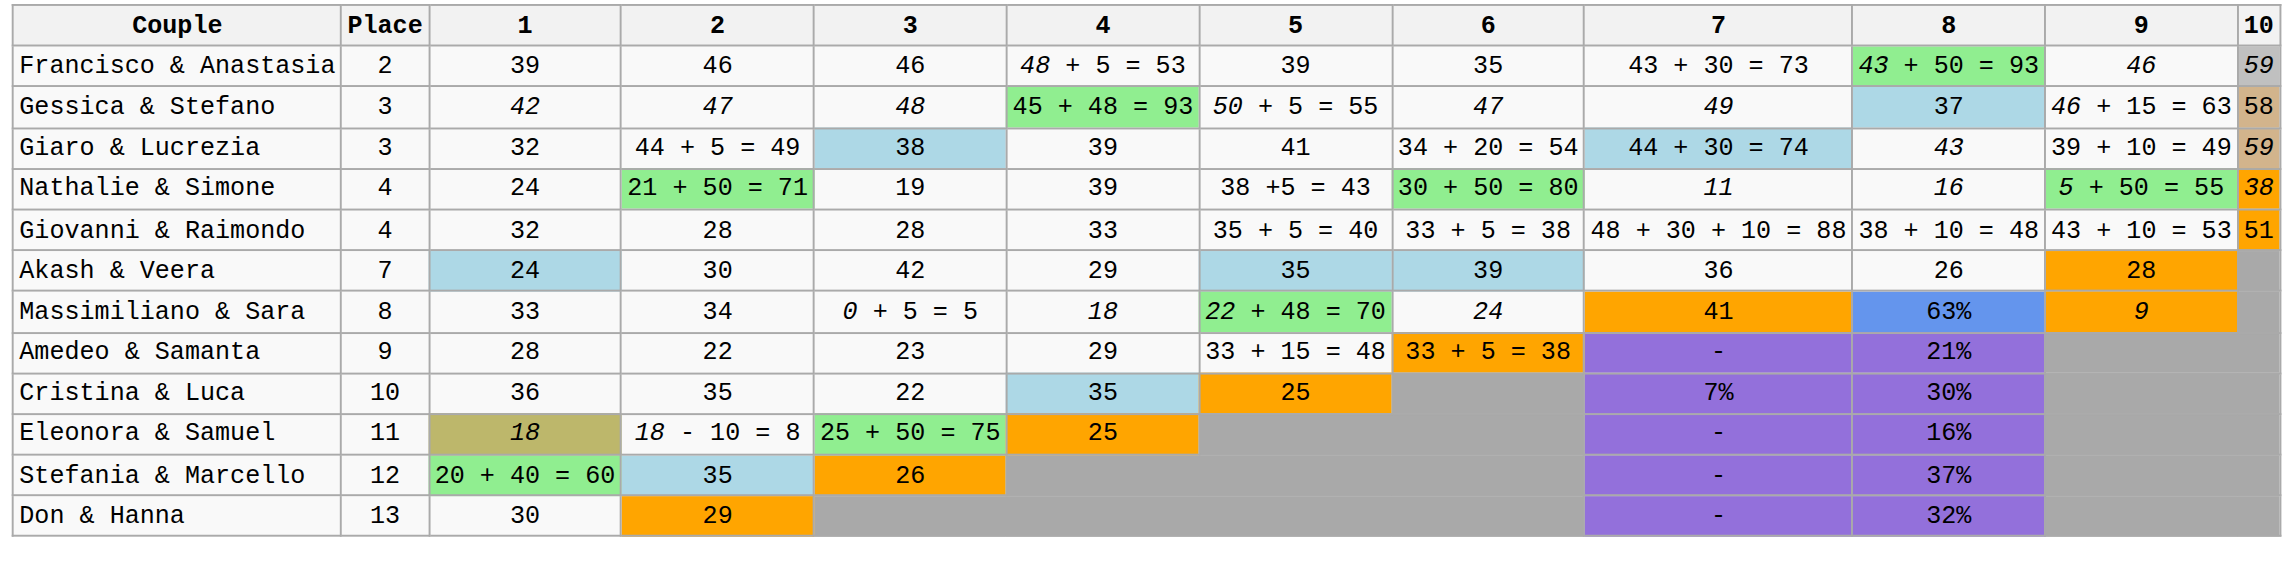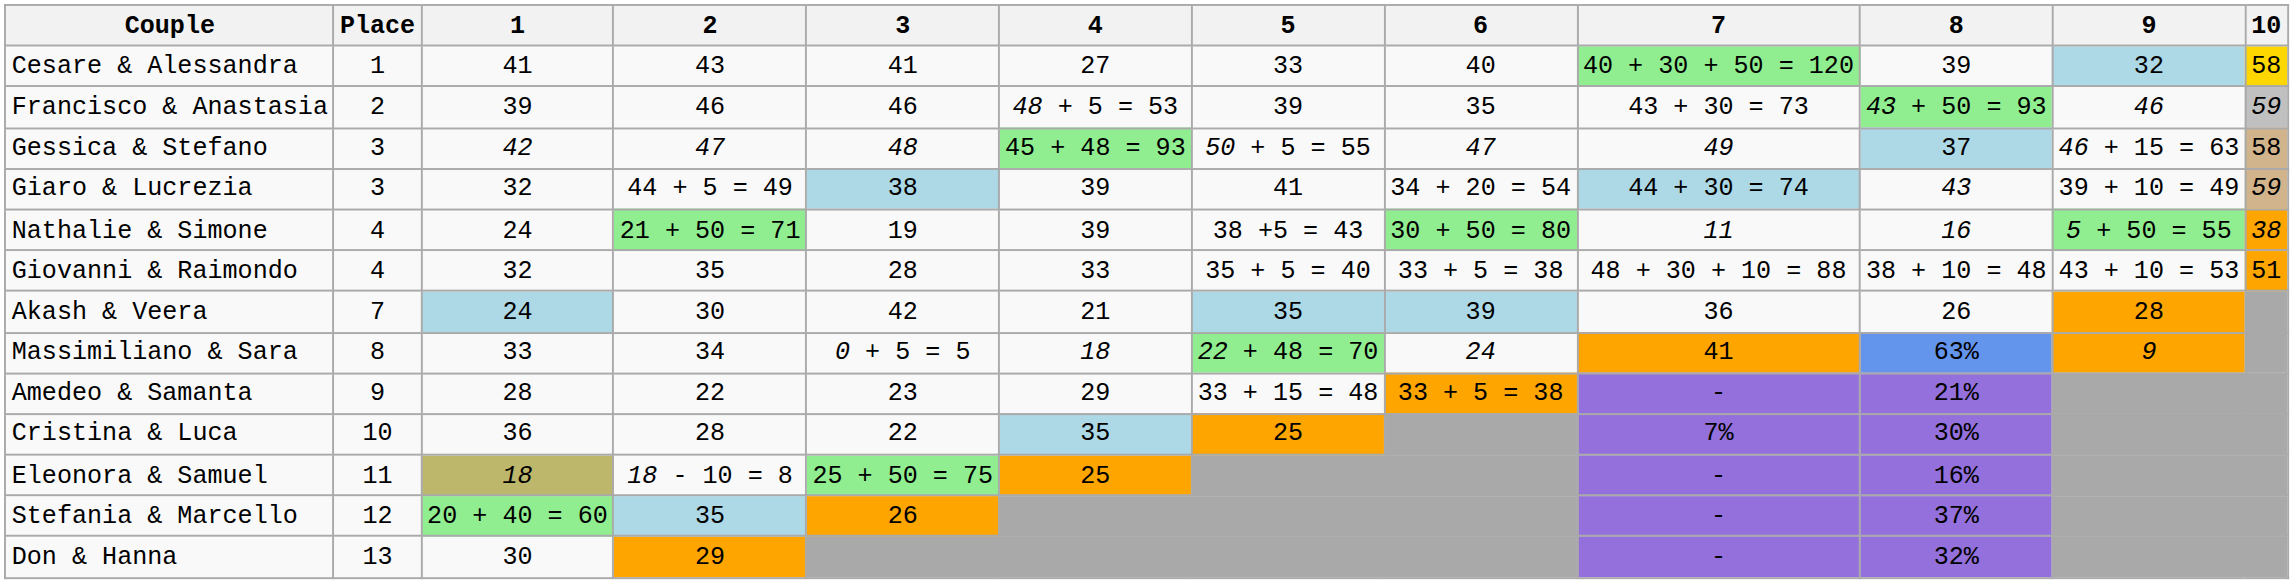 <table class="wikitable sortable" style="margin:auto;text-align:center;">
 <tr>
 <th>Couple</th>
 <th>Place</th>
 <th>1</th>
 <th>2</th>
 <th>3</th>
 <th>4</th>
 <th>5</th>
 <th>6</th>
 <th>7</th>
 <th>8</th>
 <th>9</th>
 <th>10</th>
+</tr>
+<tr>
+<td style="text-align:left;">Cesare & Alessandra</td>
+<td>1</td>
+<td>41</td>
+<td>43</td>
+<td>41</td>
+<td>27</td>
+<td>33</td>
+<td>40</td>
+<td style="background:lightgreen;">40 + 30 + 50 = 120</td>
+<td>39</td>
+<td style="background:lightblue;">32</td>
+<td bgcolor="gold">58</td>
 </tr>
 <tr>
 <td style="text-align:left;">Francisco & Anastasia</td>
 <td>2</td>
 <td>39</td>
 <td>46</td>
 <td>46</td>
 <td><span><em>48</em></span> + 5 = 53</td>
 <td>39</td>
 <td>35</td>
 <td>43 + 30 = 73</td>
 <td style="background:lightgreen;"><span><em>43</em></span> + 50 = 93</td>
 <td><span><em>46</em></span></td>
 <td bgcolor="silver"><span><em>59</em></span></td>
 </tr>
 <tr>
 <td style="text-align:left;">Gessica & Stefano</td>
 <td>3</td>
 <td><span><em>42</em></span></td>
 <td><span><em>47</em></span></td>
 <td><span><em>48</em></span></td>
 <td style="background:lightgreen;">45 + 48 = 93</td>
 <td><span><em>50</em></span> + 5 = 55</td>
 <td><span><em>47</em></span></td>
 <td><span><em>49</em></span></td>
 <td style="background:lightblue;">37</td>
 <td><span><em>46</em></span> + 15 = 63</td>
 <td bgcolor="tan">58</td>
 </tr>
 <tr>
 <td style="text-align:left;">Giaro & Lucrezia</td>
 <td>3</td>
 <td>32</td>
 <td>44 + 5 = 49</td>
 <td style="background:lightblue;">38</td>
 <td>39</td>
 <td>41</td>
 <td>34 + 20 = 54</td>
 <td style="background:lightblue;">44 + 30 = 74</td>
 <td><span><em>43</em></span></td>
 <td>39 + 10 = 49</td>
 <td bgcolor="tan"><span><em>59</em></span></td>
 </tr>
 <tr>
 <td style="text-align:left;">Nathalie & Simone</td>
 <td>4</td>
 <td>24</td>
 <td style="background:lightgreen;">21 + 50 = 71</td>
 <td>19</td>
 <td>39</td>
 <td>38 +5 = 43</td>
 <td style="background:lightgreen;">30 + 50 = 80</td>
 <td><span><em>11</em></span></td>
 <td><span><em>16</em></span></td>
 <td style="background:lightgreen;"><span><em>5</em></span> + 50 = 55</td>
 <td bgcolor="orange"><span><em>38</em></span></td>
 </tr>
 <tr>
 <td style="text-align:left;">Giovanni & Raimondo</td>
 <td>4</td>
 <td>32</td>
-<td>28</td>
+<td>35</td>
 <td>28</td>
 <td>33</td>
 <td>35 + 5 = 40</td>
 <td>33 + 5 = 38</td>
 <td>48 + 30 + 10 = 88</td>
 <td>38 + 10 = 48</td>
 <td>43 + 10 = 53</td>
 <td bgcolor="orange">51</td>
 </tr>
 <tr>
 <td style="text-align:left;">Akash & Veera</td>
 <td>7</td>
 <td style="background:lightblue;">24</td>
 <td>30</td>
 <td>42</td>
-<td>29</td>
+<td>21</td>
 <td style="background:lightblue;">35</td>
 <td style="background:lightblue;">39</td>
 <td>36</td>
 <td>26</td>
 <td bgcolor="orange">28</td>
 <td style="background:darkgray;" colspan="1"></td>
 </tr>
 <tr>
 <td style="text-align:left;">Massimiliano & Sara</td>
 <td>8</td>
 <td>33</td>
 <td>34</td>
 <td><span><em>0</em></span> + 5 = 5</td>
 <td><span><em>18</em></span></td>
 <td style="background:lightgreen;"><span><em>22</em></span> + 48 = 70</td>
 <td><span><em>24</em></span></td>
 <td bgcolor="orange">41</td>
 <td style="background:cornflowerblue;">63%</td>
 <td bgcolor="orange"><span><em>9</em></span></td>
 <td style="background:darkgray;" colspan="1"></td>
 </tr>
 <tr>
 <td style="text-align:left;">Amedeo & Samanta</td>
 <td>9</td>
 <td>28</td>
 <td>22</td>
 <td>23</td>
 <td>29</td>
 <td>33 + 15 = 48</td>
 <td bgcolor="orange">33 + 5 = 38</td>
 <td bgcolor="mediumpurple">-</td>
 <td bgcolor="mediumpurple">21%</td>
 <td style="background:darkgray;" colspan="2"></td>
 </tr>
 <tr>
 <td style="text-align:left;">Cristina & Luca</td>
 <td>10</td>
 <td>36</td>
-<td>35</td>
+<td>28</td>
 <td>22</td>
 <td style="background:lightblue;">35</td>
 <td bgcolor="orange">25</td>
 <td style="background:darkgray;" colspan="1"></td>
 <td bgcolor="mediumpurple">7%</td>
 <td bgcolor="mediumpurple">30%</td>
 <td style="background:darkgray;" colspan="2"></td>
 </tr>
 <tr>
 <td style="text-align:left;">Eleonora & Samuel</td>
 <td>11</td>
 <td style="background:darkkhaki"><span><em>18</em></span></td>
 <td><span><em>18</em></span> - 10 = 8</td>
 <td style="background:lightgreen;">25 + 50 = 75</td>
 <td bgcolor="orange">25</td>
 <td style="background:darkgray;" colspan="2"></td>
 <td bgcolor="mediumpurple">-</td>
 <td bgcolor="mediumpurple">16%</td>
 <td style="background:darkgray;" colspan="2"></td>
 </tr>
 <tr>
 <td style="text-align:left;">Stefania & Marcello</td>
 <td>12</td>
 <td style="background:lightgreen;">20 + 40 = 60</td>
 <td style="background:lightblue;">35</td>
 <td bgcolor="orange">26</td>
 <td style="background:darkgray;" colspan="3"></td>
 <td bgcolor="mediumpurple">-</td>
 <td bgcolor="mediumpurple">37%</td>
 <td style="background:darkgray;" colspan="2"></td>
 </tr>
 <tr>
 <td style="text-align:left;">Don & Hanna</td>
 <td>13</td>
 <td>30</td>
 <td bgcolor="orange">29</td>
 <td style="background:darkgray;" colspan="4"></td>
 <td bgcolor="mediumpurple">-</td>
 <td bgcolor="mediumpurple">32%</td>
 <td style="background:darkgray;" colspan="2"></td>
 </tr>
 </table>
